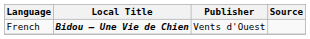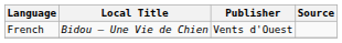 <table class="wikitable">
 <tr>
 <th>Language</th>
 <th>Local Title</th>
 <th>Publisher</th>
 <th>Source</th>
 </tr>
 <tr>
 <td>French</td>
-<td><strong><em>Bidou – Une Vie de Chien</em></strong></td>
+<td><em>Bidou – Une Vie de Chien</em></td>
 <td>Vents d'Ouest</td>
 <td></td>
 </tr>
 <tr>
 </tr>
 </table>
